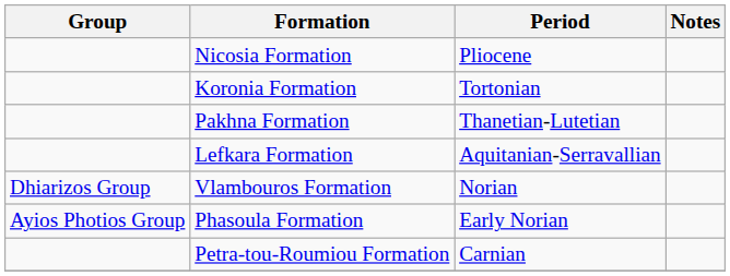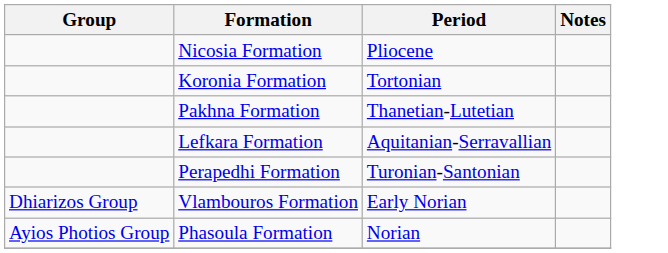 <table class="wikitable sortable">
 <tr>
 <th>Group</th>
 <th>Formation</th>
 <th>Period</th>
 <th class="unsortable">Notes</th>
 </tr>
 <tr>
 <td></td>
 <td><a href='#'>Nicosia Formation</a></td>
 <td style="background-color: "><a href='#'>Pliocene</a></td>
 <td align=center></td>
 </tr>
 <tr>
 <td></td>
 <td><a href='#'>Koronia Formation</a></td>
 <td style="background-color: "><a href='#'>Tortonian</a></td>
 <td align=center></td>
 </tr>
 <tr>
 <td></td>
 <td><a href='#'>Pakhna Formation</a></td>
 <td style="background-color: "><a href='#'>Thanetian</a>-<a href='#'>Lutetian</a></td>
 <td align=center></td>
 </tr>
 <tr>
 <td></td>
 <td><a href='#'>Lefkara Formation</a></td>
 <td style="background-color: "><a href='#'>Aquitanian</a>-<a href='#'>Serravallian</a></td>
 <td align=center></td>
 </tr>
 <tr>
+<td></td>
+<td><a href='#'>Perapedhi Formation</a></td>
+<td style="background-color: "><a href='#'>Turonian</a>-<a href='#'>Santonian</a></td>
+<td align=center></td>
+</tr>
+<tr>
 <td><a href='#'>Dhiarizos Group</a></td>
 <td><a href='#'>Vlambouros Formation</a></td>
-<td style="background-color: "><a href='#'>Norian</a></td>
+<td style="background-color: "><a href='#'>Early Norian</a></td>
 <td align=center></td>
 </tr>
 <tr>
 <td><a href='#'>Ayios Photios Group</a></td>
 <td><a href='#'>Phasoula Formation</a></td>
-<td style="background-color: "><a href='#'>Early Norian</a></td>
-<td align=center></td>
-</tr>
-<tr>
-<td></td>
-<td><a href='#'>Petra-tou-Roumiou Formation</a></td>
-<td style="background-color: "><a href='#'>Carnian</a></td>
+<td style="background-color: "><a href='#'>Norian</a></td>
 <td align=center></td>
 </tr>
 <tr>
 </tr>
 </table>
